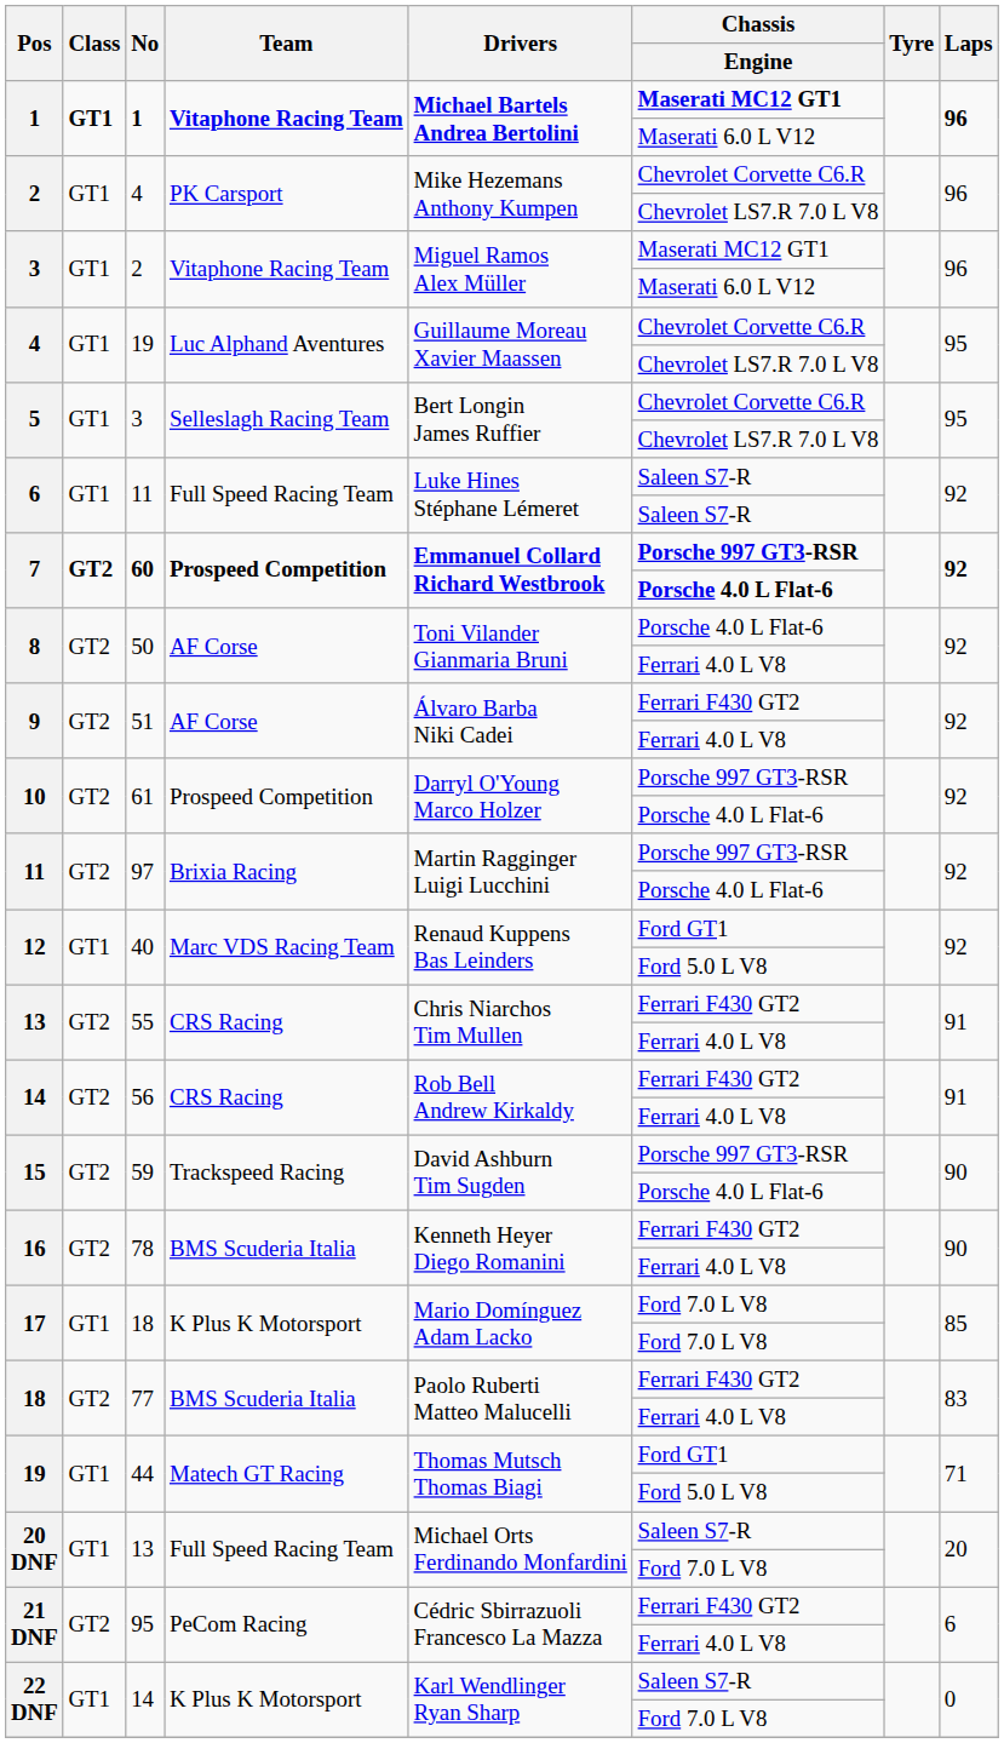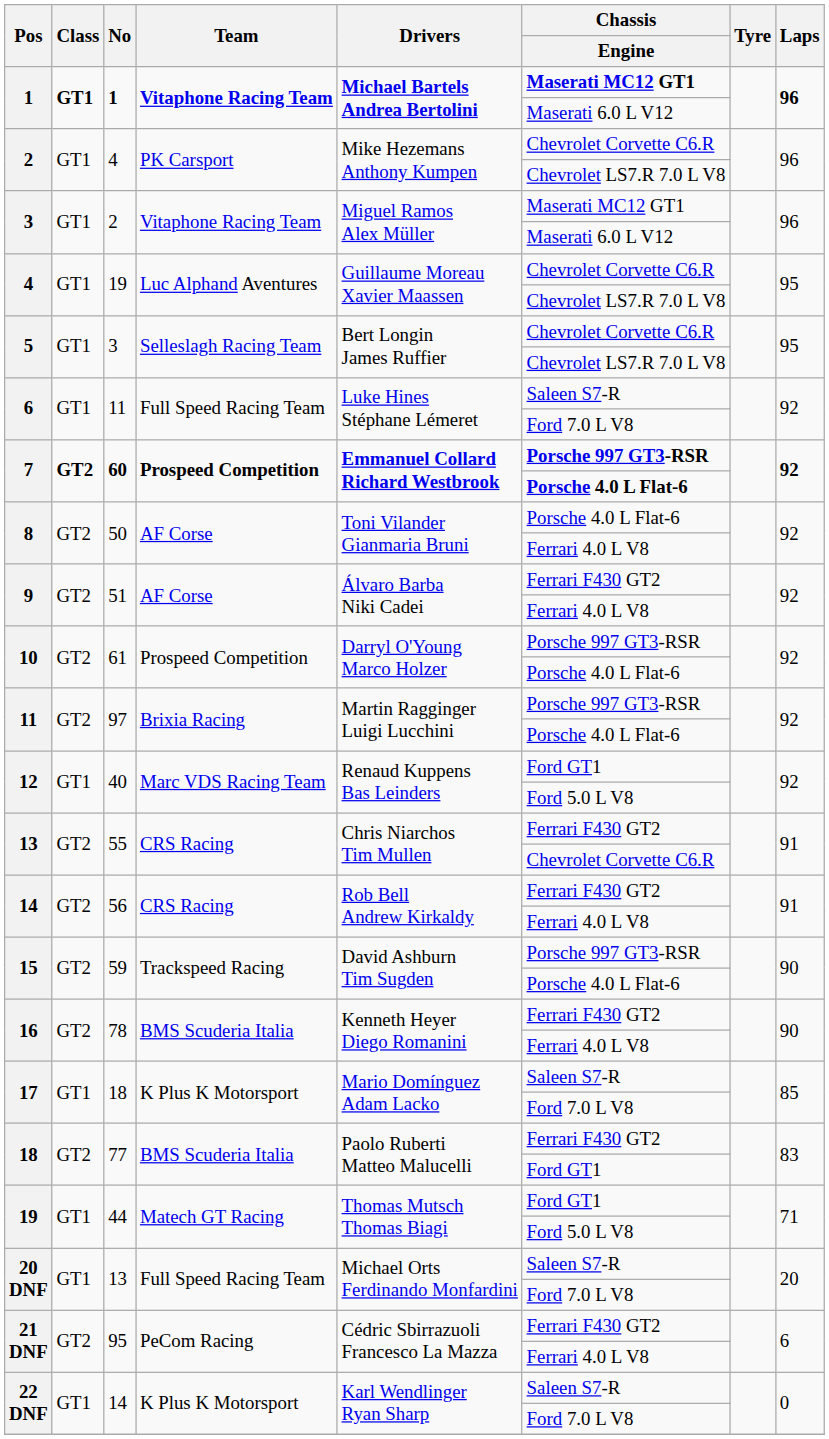 <table class="wikitable" style="font-size: 95%;">
 <tr>
 <th rowspan=2>Pos</th>
 <th rowspan=2>Class</th>
 <th rowspan=2>No</th>
 <th rowspan=2>Team</th>
 <th rowspan=2>Drivers</th>
 <th>Chassis</th>
 <th rowspan=2>Tyre</th>
 <th rowspan=2>Laps</th>
 </tr>
 <tr>
 <th>Engine</th>
 </tr>
 <tr style="font-weight:bold">
 <th rowspan=2>1</th>
 <td rowspan=2>GT1</td>
 <td rowspan=2>1</td>
 <td rowspan=2> <a href='#'>Vitaphone Racing Team</a></td>
 <td rowspan=2> <a href='#'>Michael Bartels</a><br> <a href='#'>Andrea Bertolini</a></td>
 <td><a href='#'>Maserati MC12</a> GT1</td>
 <td rowspan=2></td>
 <td rowspan=2>96</td>
 </tr>
 <tr>
 <td><a href='#'>Maserati</a> 6.0 L V12</td>
 </tr>
 <tr>
 <th rowspan=2>2</th>
 <td rowspan=2>GT1</td>
 <td rowspan=2>4</td>
 <td rowspan=2> <a href='#'>PK Carsport</a></td>
 <td rowspan=2> Mike Hezemans<br> <a href='#'>Anthony Kumpen</a></td>
 <td><a href='#'>Chevrolet Corvette C6.R</a></td>
 <td rowspan=2></td>
 <td rowspan=2>96</td>
 </tr>
 <tr>
 <td><a href='#'>Chevrolet</a> LS7.R 7.0 L V8</td>
 </tr>
 <tr>
 <th rowspan=2>3</th>
 <td rowspan=2>GT1</td>
 <td rowspan=2>2</td>
 <td rowspan=2> <a href='#'>Vitaphone Racing Team</a></td>
 <td rowspan=2> <a href='#'>Miguel Ramos</a><br> <a href='#'>Alex Müller</a></td>
 <td><a href='#'>Maserati MC12</a> GT1</td>
 <td rowspan=2></td>
 <td rowspan=2>96</td>
 </tr>
 <tr>
 <td><a href='#'>Maserati</a> 6.0 L V12</td>
 </tr>
 <tr>
 <th rowspan=2>4</th>
 <td rowspan=2>GT1</td>
 <td rowspan=2>19</td>
 <td rowspan=2> <a href='#'>Luc Alphand</a> Aventures</td>
 <td rowspan=2> <a href='#'>Guillaume Moreau</a><br> <a href='#'>Xavier Maassen</a></td>
 <td><a href='#'>Chevrolet Corvette C6.R</a></td>
 <td rowspan=2></td>
 <td rowspan=2>95</td>
 </tr>
 <tr>
 <td><a href='#'>Chevrolet</a> LS7.R 7.0 L V8</td>
 </tr>
 <tr>
 <th rowspan=2>5</th>
 <td rowspan=2>GT1</td>
 <td rowspan=2>3</td>
 <td rowspan=2> <a href='#'>Selleslagh Racing Team</a></td>
 <td rowspan=2> Bert Longin<br> James Ruffier</td>
 <td><a href='#'>Chevrolet Corvette C6.R</a></td>
 <td rowspan=2></td>
 <td rowspan=2>95</td>
 </tr>
 <tr>
 <td><a href='#'>Chevrolet</a> LS7.R 7.0 L V8</td>
 </tr>
 <tr>
 <th rowspan=2>6</th>
 <td rowspan=2>GT1</td>
 <td rowspan=2>11</td>
 <td rowspan=2> Full Speed Racing Team</td>
 <td rowspan=2> <a href='#'>Luke Hines</a><br> Stéphane Lémeret</td>
 <td><a href='#'>Saleen S7</a>-R</td>
 <td rowspan=2></td>
 <td rowspan=2>92</td>
 </tr>
 <tr>
-<td><a href='#'>Saleen S7</a>-R</td>
+<td><a href='#'>Ford</a> 7.0 L V8</td>
 </tr>
 <tr style="font-weight:bold">
 <th rowspan=2>7</th>
 <td rowspan=2>GT2</td>
 <td rowspan=2>60</td>
 <td rowspan=2> Prospeed Competition</td>
 <td rowspan=2> <a href='#'>Emmanuel Collard</a><br> <a href='#'>Richard Westbrook</a></td>
 <td><a href='#'>Porsche 997 GT3</a>-RSR</td>
 <td rowspan=2></td>
 <td rowspan=2>92</td>
 </tr>
 <tr style="font-weight:bold">
 <td><a href='#'>Porsche</a> 4.0 L Flat-6</td>
 </tr>
 <tr>
 <th rowspan=2>8</th>
 <td rowspan=2>GT2</td>
 <td rowspan=2>50</td>
 <td rowspan=2> <a href='#'>AF Corse</a></td>
 <td rowspan=2> <a href='#'>Toni Vilander</a><br> <a href='#'>Gianmaria Bruni</a></td>
 <td><a href='#'>Porsche</a> 4.0 L Flat-6</td>
 <td rowspan=2></td>
 <td rowspan=2>92</td>
 </tr>
 <tr>
 <td><a href='#'>Ferrari</a> 4.0 L V8</td>
 </tr>
 <tr>
 <th rowspan=2>9</th>
 <td rowspan=2>GT2</td>
 <td rowspan=2>51</td>
 <td rowspan=2> <a href='#'>AF Corse</a></td>
 <td rowspan=2> <a href='#'>Álvaro Barba</a><br> Niki Cadei</td>
 <td><a href='#'>Ferrari F430</a> GT2</td>
 <td rowspan=2></td>
 <td rowspan=2>92</td>
 </tr>
 <tr>
 <td><a href='#'>Ferrari</a> 4.0 L V8</td>
 </tr>
 <tr>
 <th rowspan=2>10</th>
 <td rowspan=2>GT2</td>
 <td rowspan=2>61</td>
 <td rowspan=2> Prospeed Competition</td>
 <td rowspan=2> <a href='#'>Darryl O'Young</a><br> <a href='#'>Marco Holzer</a></td>
 <td><a href='#'>Porsche 997 GT3</a>-RSR</td>
 <td rowspan=2></td>
 <td rowspan=2>92</td>
 </tr>
 <tr>
 <td><a href='#'>Porsche</a> 4.0 L Flat-6</td>
 </tr>
 <tr>
 <th rowspan=2>11</th>
 <td rowspan=2>GT2</td>
 <td rowspan=2>97</td>
 <td rowspan=2> <a href='#'>Brixia Racing</a></td>
 <td rowspan=2> Martin Ragginger<br> Luigi Lucchini</td>
 <td><a href='#'>Porsche 997 GT3</a>-RSR</td>
 <td rowspan=2></td>
 <td rowspan=2>92</td>
 </tr>
 <tr>
 <td><a href='#'>Porsche</a> 4.0 L Flat-6</td>
 </tr>
 <tr>
 <th rowspan=2>12</th>
 <td rowspan=2>GT1</td>
 <td rowspan=2>40</td>
 <td rowspan=2> <a href='#'>Marc VDS Racing Team</a></td>
 <td rowspan=2> Renaud Kuppens<br> <a href='#'>Bas Leinders</a></td>
 <td><a href='#'>Ford GT</a>1</td>
 <td rowspan=2></td>
 <td rowspan=2>92</td>
 </tr>
 <tr>
 <td><a href='#'>Ford</a> 5.0 L V8</td>
 </tr>
 <tr>
 <th rowspan=2>13</th>
 <td rowspan=2>GT2</td>
 <td rowspan=2>55</td>
 <td rowspan=2> <a href='#'>CRS Racing</a></td>
 <td rowspan=2> Chris Niarchos<br> <a href='#'>Tim Mullen</a></td>
 <td><a href='#'>Ferrari F430</a> GT2</td>
 <td rowspan=2></td>
 <td rowspan=2>91</td>
 </tr>
 <tr>
-<td><a href='#'>Ferrari</a> 4.0 L V8</td>
+<td><a href='#'>Chevrolet Corvette C6.R</a></td>
 </tr>
 <tr>
 <th rowspan=2>14</th>
 <td rowspan=2>GT2</td>
 <td rowspan=2>56</td>
 <td rowspan=2> <a href='#'>CRS Racing</a></td>
 <td rowspan=2> <a href='#'>Rob Bell</a><br> <a href='#'>Andrew Kirkaldy</a></td>
 <td><a href='#'>Ferrari F430</a> GT2</td>
 <td rowspan=2></td>
 <td rowspan=2>91</td>
 </tr>
 <tr>
 <td><a href='#'>Ferrari</a> 4.0 L V8</td>
 </tr>
 <tr>
 <th rowspan=2>15</th>
 <td rowspan=2>GT2</td>
 <td rowspan=2>59</td>
 <td rowspan=2> Trackspeed Racing</td>
 <td rowspan=2> David Ashburn<br> <a href='#'>Tim Sugden</a></td>
 <td><a href='#'>Porsche 997 GT3</a>-RSR</td>
 <td rowspan=2></td>
 <td rowspan=2>90</td>
 </tr>
 <tr>
 <td><a href='#'>Porsche</a> 4.0 L Flat-6</td>
 </tr>
 <tr>
 <th rowspan=2>16</th>
 <td rowspan=2>GT2</td>
 <td rowspan=2>78</td>
 <td rowspan=2> <a href='#'>BMS Scuderia Italia</a></td>
 <td rowspan=2> Kenneth Heyer<br> <a href='#'>Diego Romanini</a></td>
 <td><a href='#'>Ferrari F430</a> GT2</td>
 <td rowspan=2></td>
 <td rowspan=2>90</td>
 </tr>
 <tr>
 <td><a href='#'>Ferrari</a> 4.0 L V8</td>
 </tr>
 <tr>
 <th rowspan=2>17</th>
 <td rowspan=2>GT1</td>
 <td rowspan=2>18</td>
 <td rowspan=2> K Plus K Motorsport</td>
 <td rowspan=2> <a href='#'>Mario Domínguez</a><br> <a href='#'>Adam Lacko</a></td>
-<td><a href='#'>Ford</a> 7.0 L V8</td>
+<td><a href='#'>Saleen S7</a>-R</td>
 <td rowspan=2></td>
 <td rowspan=2>85</td>
 </tr>
 <tr>
 <td><a href='#'>Ford</a> 7.0 L V8</td>
 </tr>
 <tr>
 <th rowspan=2>18</th>
 <td rowspan=2>GT2</td>
 <td rowspan=2>77</td>
 <td rowspan=2> <a href='#'>BMS Scuderia Italia</a></td>
 <td rowspan=2> Paolo Ruberti<br> Matteo Malucelli</td>
 <td><a href='#'>Ferrari F430</a> GT2</td>
 <td rowspan=2></td>
 <td rowspan=2>83</td>
 </tr>
 <tr>
-<td><a href='#'>Ferrari</a> 4.0 L V8</td>
+<td><a href='#'>Ford GT</a>1</td>
 </tr>
 <tr>
 <th rowspan=2>19</th>
 <td rowspan=2>GT1</td>
 <td rowspan=2>44</td>
 <td rowspan=2> <a href='#'>Matech GT Racing</a></td>
 <td rowspan=2> <a href='#'>Thomas Mutsch</a><br> <a href='#'>Thomas Biagi</a></td>
 <td><a href='#'>Ford GT</a>1</td>
 <td rowspan=2></td>
 <td rowspan=2>71</td>
 </tr>
 <tr>
 <td><a href='#'>Ford</a> 5.0 L V8</td>
 </tr>
 <tr>
 <th rowspan=2>20<br>DNF</th>
 <td rowspan=2>GT1</td>
 <td rowspan=2>13</td>
 <td rowspan=2> Full Speed Racing Team</td>
 <td rowspan=2> Michael Orts<br> <a href='#'>Ferdinando Monfardini</a></td>
 <td><a href='#'>Saleen S7</a>-R</td>
 <td rowspan=2></td>
 <td rowspan=2>20</td>
 </tr>
 <tr>
 <td><a href='#'>Ford</a> 7.0 L V8</td>
 </tr>
 <tr>
 <th rowspan=2>21<br>DNF</th>
 <td rowspan=2>GT2</td>
 <td rowspan=2>95</td>
 <td rowspan=2> PeCom Racing</td>
 <td rowspan=2> Cédric Sbirrazuoli<br> Francesco La Mazza</td>
 <td><a href='#'>Ferrari F430</a> GT2</td>
 <td rowspan=2></td>
 <td rowspan=2>6</td>
 </tr>
 <tr>
 <td><a href='#'>Ferrari</a> 4.0 L V8</td>
 </tr>
 <tr>
 <th rowspan=2>22<br>DNF</th>
 <td rowspan=2>GT1</td>
 <td rowspan=2>14</td>
 <td rowspan=2> K Plus K Motorsport</td>
 <td rowspan=2> <a href='#'>Karl Wendlinger</a><br> <a href='#'>Ryan Sharp</a></td>
 <td><a href='#'>Saleen S7</a>-R</td>
 <td rowspan=2></td>
 <td rowspan=2>0</td>
 </tr>
 <tr>
 <td><a href='#'>Ford</a> 7.0 L V8</td>
 </tr>
 <tr>
 </tr>
 </table>
